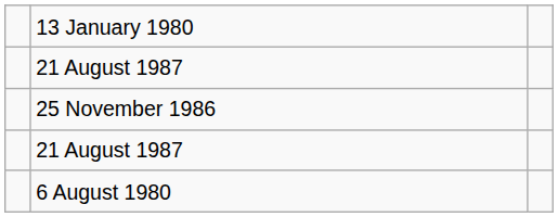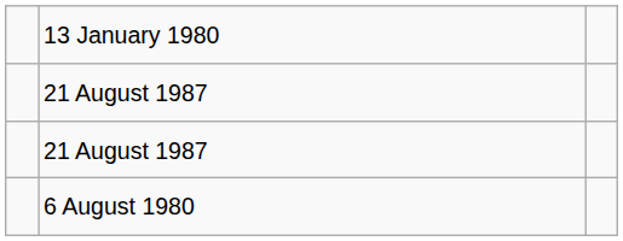 <table class="wikitable" style="font-size: 89%; float: left; width: 26em; margin-right: 1em; height: 140px;">
 <tr>
 <td></td>
 <td>13 January 1980</td>
 <td></td>
 </tr>
 <tr>
 <td></td>
 <td>21 August 1987</td>
 <td></td>
 </tr>
 <tr>
 <td></td>
-<td>25 November 1986</td>
-<td></td>
-</tr>
-<tr>
-<td></td>
 <td>21 August 1987</td>
 <td></td>
 </tr>
 <tr>
 <td></td>
 <td>6 August 1980</td>
 <td></td>
 </tr>
 </table>
